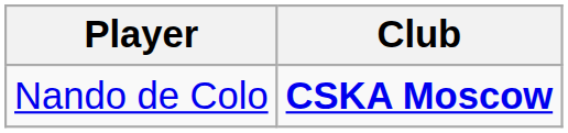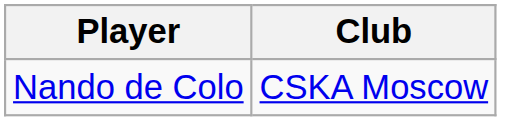 <table class="wikitable">
 <tr>
 <th>Player</th>
 <th>Club</th>
 </tr>
 <tr>
 <td> <a href='#'>Nando de Colo</a></td>
-<td><strong> <a href='#'>CSKA Moscow</a></strong></td>
+<td> <a href='#'>CSKA Moscow</a></td>
 </tr>
 </table>
